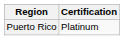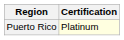 <table class="wikitable sortable">
 <tr>
 <th>Region</th>
 <th>Certification</th>
 </tr>
 <tr>
 <td scope="row" style="background-color: #f2f2f2;">Puerto Rico</td>
-<td>Platinum</td>
+<td style="background: lightyellow;">Platinum</td>
 </tr>
 </table>
